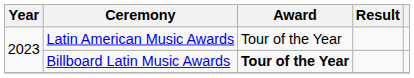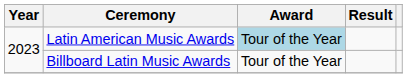 <table class="wikitable">
 <tr>
 <th align="left">Year</th>
 <th align="left">Ceremony</th>
 <th align="left">Award</th>
 <th align="left">Result</th>
 <th scope="col" class="unsortable"></th>
 </tr>
 <tr>
 <td rowspan="2">2023</td>
 <td><a href='#'>Latin American Music Awards</a></td>
-<td>Tour of the Year</td>
+<td style="background: lightblue;">Tour of the Year</td>
 <td></td>
 <td></td>
 </tr>
 <tr>
 <td><a href='#'>Billboard Latin Music Awards</a></td>
-<td><strong>Tour of the Year</strong></td>
+<td>Tour of the Year</td>
 <td></td>
 <td></td>
 </tr>
 <tr>
 </tr>
 </table>
